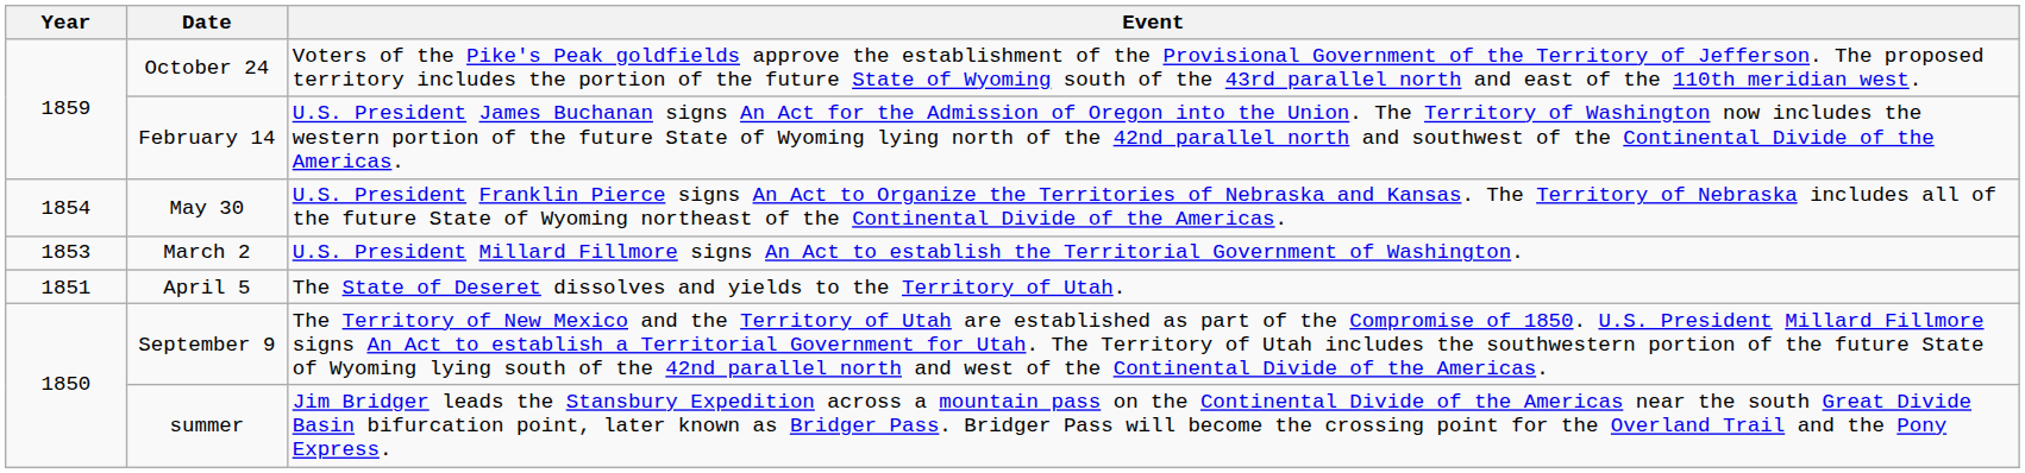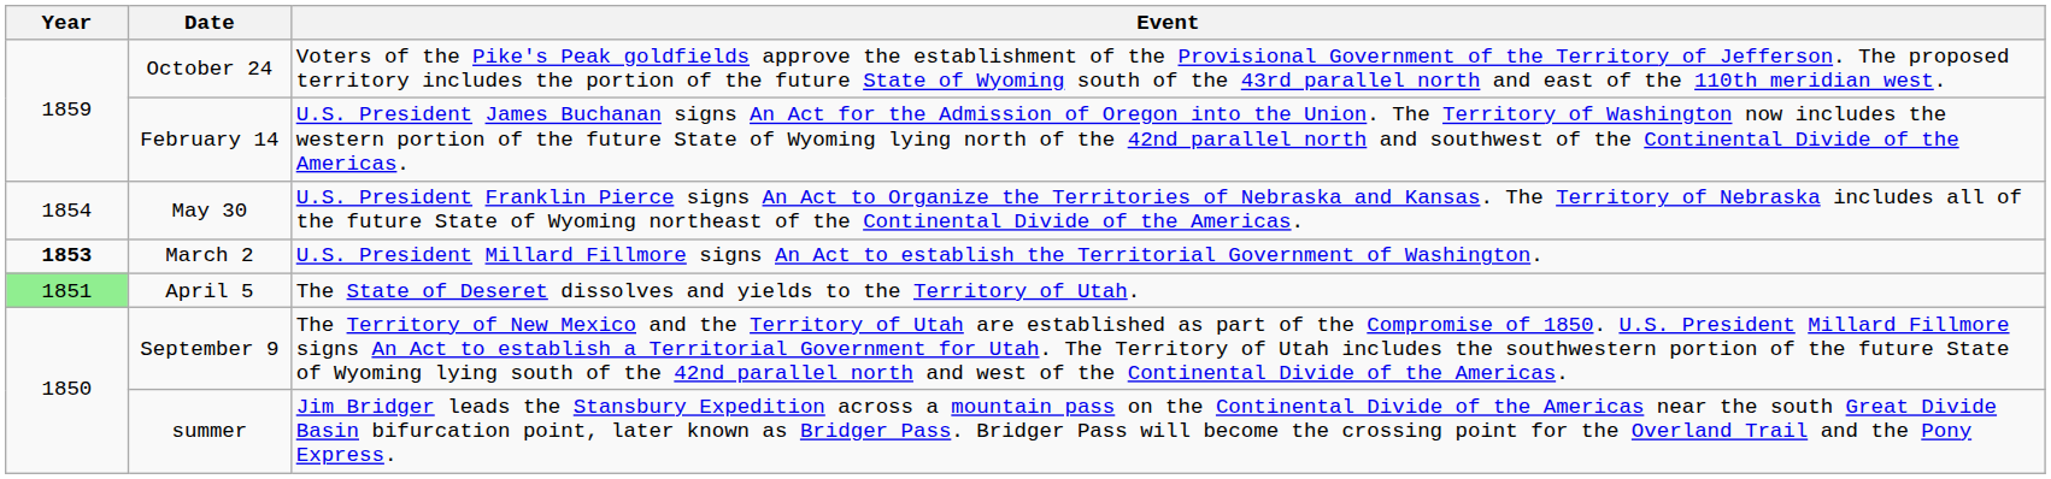 <table class="wikitable" style="width:100%;">
 <tr>
 <th style="width:6%">Year</th>
 <th style="width:8%">Date</th>
 <th style="width:86%">Event</th>
 </tr>
 <tr>
 <td align=center rowspan=2>1859</td>
 <td align=center>October 24</td>
 <td>Voters of the <a href='#'>Pike's Peak goldfields</a> approve the establishment of the <a href='#'>Provisional Government of the Territory of Jefferson</a>. The proposed territory includes the portion of the future <a href='#'>State of Wyoming</a> south of the <a href='#'>43rd parallel north</a> and east of the <a href='#'>110th meridian west</a>.</td>
 </tr>
 <tr>
 <td align=center>February 14</td>
 <td><a href='#'>U.S. President</a> <a href='#'>James Buchanan</a> signs <a href='#'>An Act for the Admission of Oregon into the Union</a>. The <a href='#'>Territory of Washington</a> now includes the western portion of the future State of Wyoming lying north of the <a href='#'>42nd parallel north</a> and southwest of the <a href='#'>Continental Divide of the Americas</a>.</td>
 </tr>
 <tr>
 <td align=center rowspan=1>1854</td>
 <td align=center>May 30</td>
 <td><a href='#'>U.S. President</a> <a href='#'>Franklin Pierce</a> signs <a href='#'>An Act to Organize the Territories of Nebraska and Kansas</a>.  The <a href='#'>Territory of Nebraska</a> includes all of the future State of Wyoming northeast of the <a href='#'>Continental Divide of the Americas</a>.</td>
 </tr>
 <tr>
-<td align=center rowspan=1>1853</td>
+<td align=center rowspan=1><strong>1853</strong></td>
 <td align=center>March 2</td>
 <td><a href='#'>U.S. President</a> <a href='#'>Millard Fillmore</a> signs <a href='#'>An Act to establish the Territorial Government of Washington</a>.</td>
 </tr>
 <tr>
-<td align=center rowspan=1>1851</td>
+<td align=center rowspan=1 style="background: lightgreen;">1851</td>
 <td align=center>April 5</td>
 <td>The <a href='#'>State of Deseret</a> dissolves and yields to the <a href='#'>Territory of Utah</a>.</td>
 </tr>
 <tr>
 <td align=center rowspan=2>1850</td>
 <td align=center>September 9</td>
 <td>The <a href='#'>Territory of New Mexico</a> and the <a href='#'>Territory of Utah</a> are established as part of the <a href='#'>Compromise of 1850</a>. <a href='#'>U.S. President</a> <a href='#'>Millard Fillmore</a> signs <a href='#'>An Act to establish a Territorial Government for Utah</a>.  The Territory of Utah includes the southwestern portion of the future State of Wyoming lying south of the <a href='#'>42nd parallel north</a> and west of the <a href='#'>Continental Divide of the Americas</a>.</td>
 </tr>
 <tr>
 <td align=center>summer</td>
 <td><a href='#'>Jim Bridger</a> leads the <a href='#'>Stansbury Expedition</a> across a <a href='#'>mountain pass</a> on the <a href='#'>Continental Divide of the Americas</a> near the south <a href='#'>Great Divide Basin</a> bifurcation point, later known as <a href='#'>Bridger Pass</a>. Bridger Pass will become the crossing point for the <a href='#'>Overland Trail</a> and the <a href='#'>Pony Express</a>.</td>
 </tr>
 </table>
